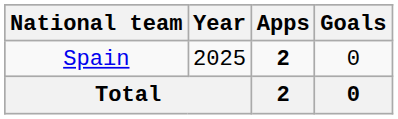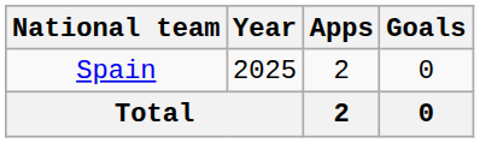 <table class=wikitable style="text-align: center">
 <tr>
 <th>National team</th>
 <th>Year</th>
 <th>Apps</th>
 <th>Goals</th>
 </tr>
 <tr>
 <td><a href='#'>Spain</a></td>
 <td>2025</td>
-<td><strong>2</strong></td>
+<td>2</td>
 <td>0</td>
 </tr>
 <tr>
 <th colspan="2">Total</th>
 <th>2</th>
 <th>0</th>
 </tr>
 </table>
